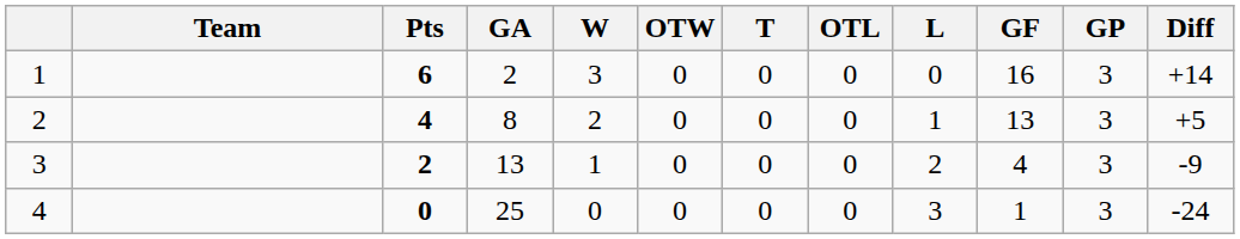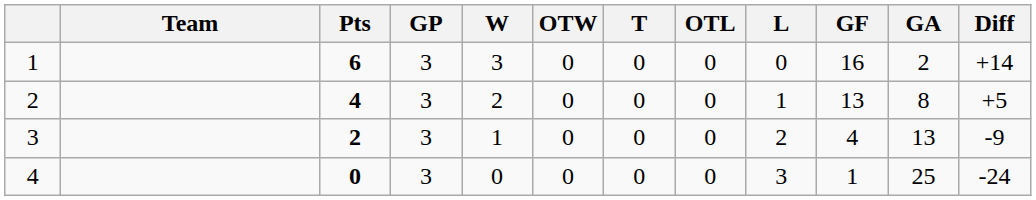 <table class="wikitable" style="text-align:center;">
 <tr>
 <th width=30></th>
 <th width=165>Team</th>
 <th width=40>Pts</th>
-<th width=40>GA</th>
+<th width=40>GP</th>
 <th width=40>W</th>
 <th width=40>OTW</th>
 <th width=40>T</th>
 <th width=40>OTL</th>
 <th width=40>L</th>
 <th width=40>GF</th>
-<th width=40>GP</th>
+<th width=40>GA</th>
 <th width=40>Diff</th>
 </tr>
 <tr>
 <td>1</td>
 <td style="text-align:left;"></td>
 <td><strong>6</strong></td>
-<td>2</td>
+<td>3</td>
 <td>3</td>
 <td>0</td>
 <td>0</td>
 <td>0</td>
 <td>0</td>
 <td>16</td>
-<td>3</td>
+<td>2</td>
 <td>+14</td>
 </tr>
 <tr>
 <td>2</td>
 <td style="text-align:left;"></td>
 <td><strong>4</strong></td>
-<td>8</td>
+<td>3</td>
 <td>2</td>
 <td>0</td>
 <td>0</td>
 <td>0</td>
 <td>1</td>
 <td>13</td>
-<td>3</td>
+<td>8</td>
 <td>+5</td>
 </tr>
 <tr>
 <td>3</td>
 <td style="text-align:left;"></td>
 <td><strong>2</strong></td>
-<td>13</td>
+<td>3</td>
 <td>1</td>
 <td>0</td>
 <td>0</td>
 <td>0</td>
 <td>2</td>
 <td>4</td>
-<td>3</td>
+<td>13</td>
 <td>-9</td>
 </tr>
 <tr>
 <td>4</td>
 <td style="text-align:left;"></td>
 <td><strong>0</strong></td>
-<td>25</td>
+<td>3</td>
 <td>0</td>
 <td>0</td>
 <td>0</td>
 <td>0</td>
 <td>3</td>
 <td>1</td>
-<td>3</td>
+<td>25</td>
 <td>-24</td>
 </tr>
 </table>
